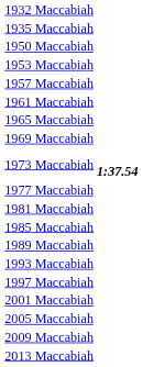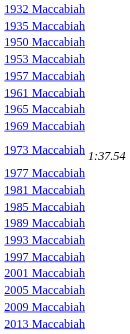 <table>
 <tr valign="top">
 <td><a href='#'>1932 Maccabiah</a></td>
 <td></td>
 <td></td>
 <td></td>
 </tr>
 <tr>
 <td><a href='#'>1935 Maccabiah</a></td>
 <td></td>
 <td></td>
 <td></td>
 </tr>
 <tr>
 <td><a href='#'>1950 Maccabiah</a></td>
 <td></td>
 <td></td>
 <td></td>
 </tr>
 <tr>
 <td><a href='#'>1953 Maccabiah</a></td>
 <td></td>
 <td></td>
 <td></td>
 </tr>
 <tr>
 <td><a href='#'>1957 Maccabiah</a></td>
 <td></td>
 <td></td>
 <td></td>
 </tr>
 <tr>
 <td><a href='#'>1961 Maccabiah</a></td>
 <td></td>
 <td></td>
 <td></td>
 </tr>
 <tr>
 <td><a href='#'>1965 Maccabiah</a></td>
 <td></td>
 <td></td>
 <td></td>
 </tr>
 <tr>
 <td><a href='#'>1969 Maccabiah</a></td>
 <td></td>
 <td></td>
 <td></td>
 </tr>
 <tr>
 <td><a href='#'>1973 Maccabiah</a></td>
-<td><strong><br><em>1:37.54</em></strong></td>
+<td><br><em>1:37.54</em></td>
 <td></td>
 <td></td>
 </tr>
 <tr>
 <td><a href='#'>1977 Maccabiah</a></td>
 <td></td>
 <td></td>
 <td></td>
 </tr>
 <tr>
 <td><a href='#'>1981 Maccabiah</a></td>
 <td></td>
 <td></td>
 <td></td>
 </tr>
 <tr>
 <td><a href='#'>1985 Maccabiah</a></td>
 <td></td>
 <td></td>
 <td></td>
 </tr>
 <tr>
 <td><a href='#'>1989 Maccabiah</a></td>
 <td></td>
 <td></td>
 <td></td>
 </tr>
 <tr>
 <td><a href='#'>1993 Maccabiah</a></td>
 <td></td>
 <td></td>
 <td></td>
 </tr>
 <tr>
 <td><a href='#'>1997 Maccabiah</a></td>
 <td></td>
 <td></td>
 <td></td>
 </tr>
 <tr>
 <td><a href='#'>2001 Maccabiah</a></td>
 <td></td>
 <td></td>
 <td></td>
 </tr>
 <tr>
 <td><a href='#'>2005 Maccabiah</a></td>
 <td></td>
 <td></td>
 <td></td>
 </tr>
 <tr>
 <td><a href='#'>2009 Maccabiah</a></td>
 <td></td>
 <td></td>
 <td></td>
 </tr>
 <tr>
 <td><a href='#'>2013 Maccabiah</a></td>
 <td></td>
 <td></td>
 <td></td>
 </tr>
 </table>
